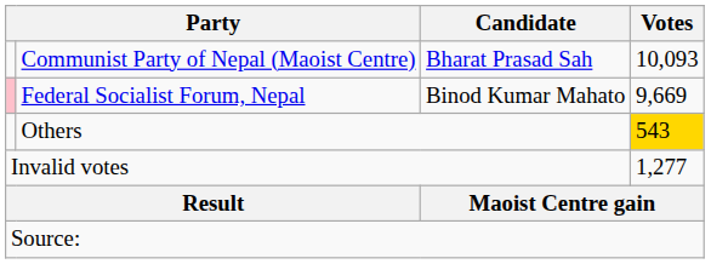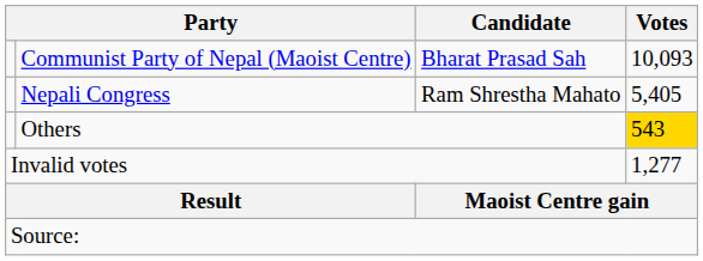 <table class="wikitable">
 <tr>
 <th colspan="2">Party</th>
 <th>Candidate</th>
 <th>Votes</th>
 </tr>
 <tr>
 <td style="background-color:"></td>
 <td><a href='#'>Communist Party of Nepal (Maoist Centre)</a></td>
 <td><a href='#'>Bharat Prasad Sah</a></td>
 <td>10,093</td>
 </tr>
 <tr>
-<td style="background-color:pink"></td>
-<td><a href='#'>Federal Socialist Forum, Nepal</a></td>
-<td>Binod Kumar Mahato</td>
-<td>9,669</td>
+<td style="background-color:"></td>
+<td><a href='#'>Nepali Congress</a></td>
+<td>Ram Shrestha Mahato</td>
+<td>5,405</td>
 </tr>
 <tr>
 <td></td>
 <td colspan="2">Others</td>
 <td style="background: gold;">543</td>
 </tr>
 <tr>
 <td colspan="3">Invalid votes</td>
 <td>1,277</td>
 </tr>
 <tr>
 <th colspan="2">Result</th>
 <th colspan="2">Maoist Centre gain</th>
 </tr>
 <tr>
 <td colspan="4">Source: </td>
 </tr>
 </table>
